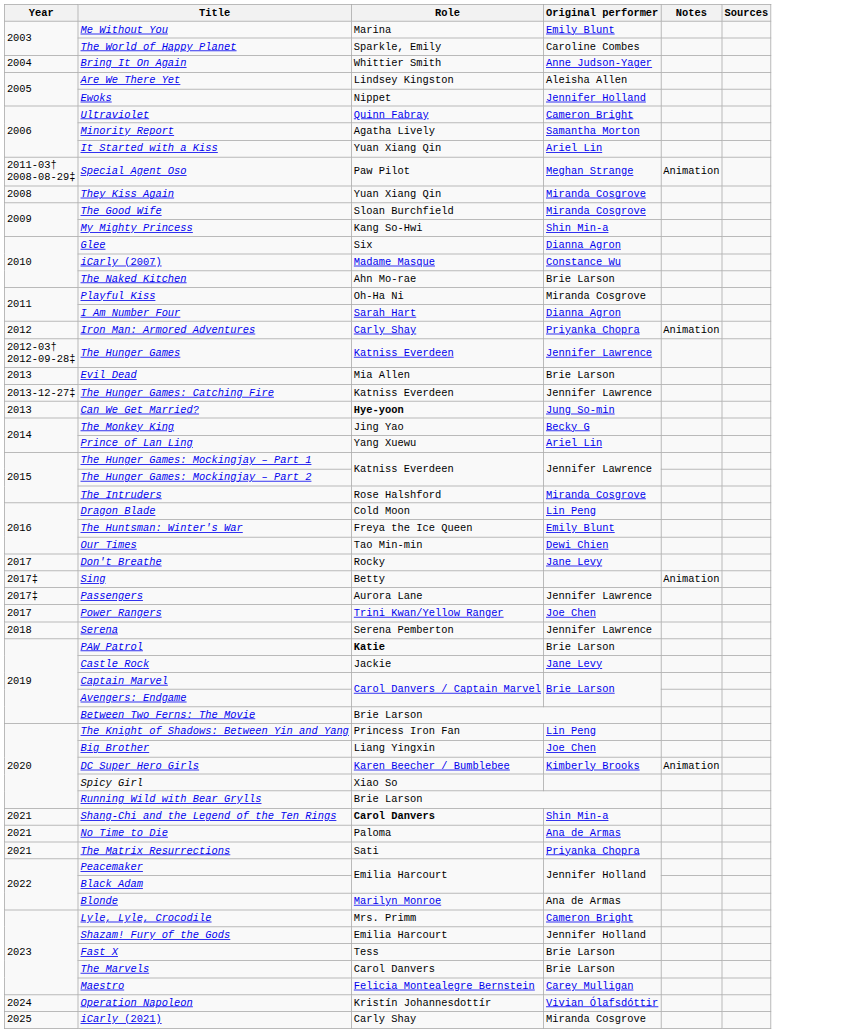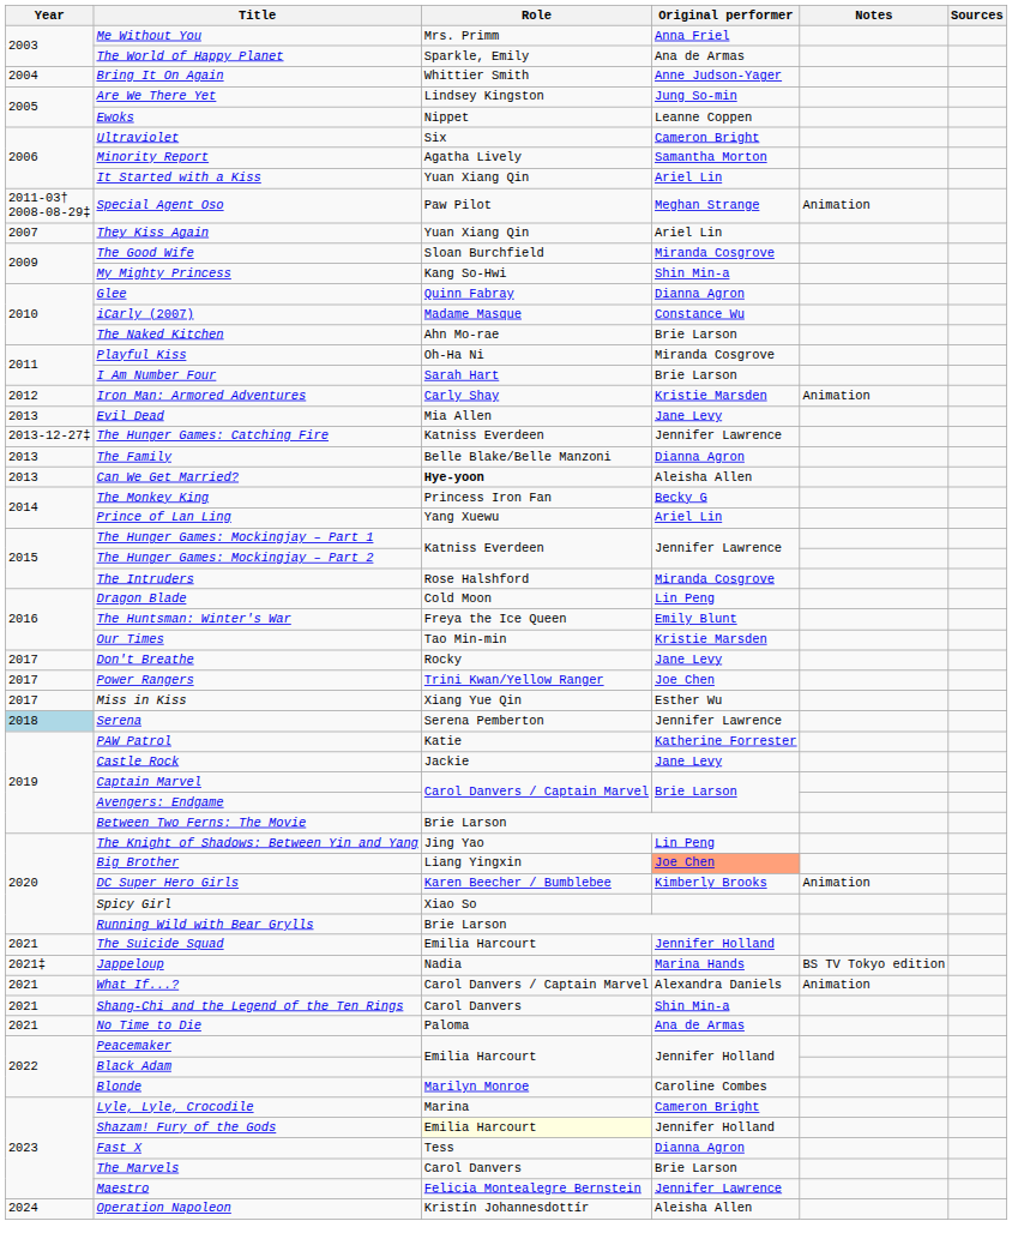 <table class="wikitable sortable">
 <tr>
 <th>Year</th>
 <th>Title</th>
 <th>Role</th>
 <th>Original performer</th>
 <th class="unsortable">Notes</th>
 <th class="unsortable">Sources</th>
 </tr>
 <tr>
 <td rowspan="2">2003</td>
 <td><em><a href='#'>Me Without You</a></em></td>
-<td>Marina</td>
-<td><a href='#'>Emily Blunt</a></td>
+<td>Mrs. Primm</td>
+<td><a href='#'>Anna Friel</a></td>
 <td></td>
 <td></td>
 </tr>
 <tr>
 <td><em><a href='#'>The World of Happy Planet</a></em></td>
 <td>Sparkle, Emily</td>
-<td>Caroline Combes</td>
+<td>Ana de Armas</td>
 <td></td>
 <td></td>
 </tr>
 <tr>
 <td>2004</td>
 <td><em><a href='#'>Bring It On Again</a></em></td>
 <td>Whittier Smith</td>
 <td><a href='#'>Anne Judson-Yager</a></td>
 <td></td>
 <td></td>
 </tr>
 <tr>
 <td rowspan="2">2005</td>
 <td><em><a href='#'>Are We There Yet</a></em></td>
 <td>Lindsey Kingston</td>
-<td>Aleisha Allen</td>
+<td><a href='#'>Jung So-min</a></td>
 <td></td>
 <td></td>
 </tr>
 <tr>
 <td><em><a href='#'>Ewoks</a></em></td>
 <td>Nippet</td>
-<td><a href='#'>Jennifer Holland</a></td>
+<td>Leanne Coppen</td>
 <td></td>
 <td></td>
 </tr>
 <tr>
 <td rowspan="3">2006</td>
 <td><em><a href='#'>Ultraviolet</a></em></td>
-<td><a href='#'>Quinn Fabray</a></td>
+<td>Six</td>
 <td><a href='#'>Cameron Bright</a></td>
 <td></td>
 <td></td>
 </tr>
 <tr>
 <td><em><a href='#'>Minority Report</a></em></td>
 <td>Agatha Lively</td>
 <td><a href='#'>Samantha Morton</a></td>
 <td></td>
 <td></td>
 </tr>
 <tr>
 <td><em><a href='#'>It Started with a Kiss</a></em></td>
 <td>Yuan Xiang Qin</td>
 <td><a href='#'>Ariel Lin</a></td>
 <td></td>
 <td></td>
 </tr>
 <tr>
 <td>2011<span>-03</span>†<span><br>2008-08-29</span>‡</td>
 <td><em><a href='#'>Special Agent Oso</a></em></td>
 <td>Paw Pilot</td>
 <td><a href='#'>Meghan Strange</a></td>
 <td>Animation</td>
 <td></td>
 </tr>
 <tr>
-<td>2008</td>
+<td>2007</td>
 <td><em><a href='#'>They Kiss Again</a></em></td>
 <td>Yuan Xiang Qin</td>
-<td><a href='#'>Miranda Cosgrove</a></td>
+<td>Ariel Lin</td>
 <td></td>
 <td></td>
 </tr>
 <tr>
 <td rowspan="2">2009</td>
 <td><em><a href='#'>The Good Wife</a></em></td>
 <td>Sloan Burchfield</td>
 <td><a href='#'>Miranda Cosgrove</a></td>
 <td></td>
 <td></td>
 </tr>
 <tr>
 <td><em><a href='#'>My Mighty Princess</a></em></td>
 <td>Kang So-Hwi</td>
 <td><a href='#'>Shin Min-a</a></td>
 <td></td>
 <td></td>
 </tr>
 <tr>
 <td rowspan="3">2010</td>
 <td><em><a href='#'>Glee</a></em></td>
-<td>Six</td>
+<td><a href='#'>Quinn Fabray</a></td>
 <td><a href='#'>Dianna Agron</a></td>
 <td></td>
 <td></td>
 </tr>
 <tr>
 <td><a href='#'><em>iCarly</em> (2007)</a></td>
 <td><a href='#'>Madame Masque</a></td>
 <td><a href='#'>Constance Wu</a></td>
 <td></td>
 <td></td>
 </tr>
 <tr>
 <td><em><a href='#'>The Naked Kitchen</a></em></td>
 <td>Ahn Mo-rae</td>
 <td>Brie Larson</td>
 <td></td>
 <td></td>
 </tr>
 <tr>
 <td rowspan="2">2011</td>
 <td><em><a href='#'>Playful Kiss</a></em></td>
 <td>Oh-Ha Ni</td>
 <td>Miranda Cosgrove</td>
 <td></td>
 <td></td>
 </tr>
 <tr>
 <td><em><a href='#'>I Am Number Four</a></em></td>
 <td><a href='#'>Sarah Hart</a></td>
-<td><a href='#'>Dianna Agron</a></td>
+<td>Brie Larson</td>
 <td></td>
 <td></td>
 </tr>
 <tr>
 <td>2012</td>
 <td><em><a href='#'>Iron Man: Armored Adventures</a></em></td>
 <td><a href='#'>Carly Shay</a></td>
-<td><a href='#'>Priyanka Chopra</a></td>
+<td><a href='#'>Kristie Marsden</a></td>
 <td>Animation</td>
-<td></td>
-</tr>
-<tr>
-<td>2012<span>-03</span>†<span><br>2012-09-28</span>‡</td>
-<td><em><a href='#'>The Hunger Games</a></em></td>
-<td><a href='#'>Katniss Everdeen</a></td>
-<td><a href='#'>Jennifer Lawrence</a></td>
-<td></td>
 <td></td>
 </tr>
 <tr>
 <td>2013</td>
 <td><em><a href='#'>Evil Dead</a></em></td>
 <td>Mia Allen</td>
-<td>Brie Larson</td>
+<td><a href='#'>Jane Levy</a></td>
 <td></td>
 <td></td>
 </tr>
 <tr>
 <td>2013<span>-12-27</span>‡</td>
 <td><em><a href='#'>The Hunger Games: Catching Fire</a></em></td>
 <td>Katniss Everdeen</td>
 <td>Jennifer Lawrence</td>
 <td></td>
 <td></td>
 </tr>
 <tr>
 <td>2013</td>
+<td><em><a href='#'>The Family</a></em></td>
+<td>Belle Blake/Belle Manzoni</td>
+<td><a href='#'>Dianna Agron</a></td>
+<td></td>
+<td></td>
+</tr>
+<tr>
+<td>2013</td>
 <td><em><a href='#'>Can We Get Married?</a></em></td>
 <td><strong>Hye-yoon</strong></td>
-<td><a href='#'>Jung So-min</a></td>
+<td>Aleisha Allen</td>
 <td></td>
 <td></td>
 </tr>
 <tr>
 <td rowspan="2">2014</td>
 <td><em><a href='#'>The Monkey King</a></em></td>
-<td>Jing Yao</td>
+<td>Princess Iron Fan</td>
 <td><a href='#'>Becky G</a></td>
 <td></td>
 <td></td>
 </tr>
 <tr>
 <td><em><a href='#'>Prince of Lan Ling</a></em></td>
 <td>Yang Xuewu</td>
 <td><a href='#'>Ariel Lin</a></td>
 <td></td>
 <td></td>
 </tr>
 <tr>
 <td rowspan="3">2015</td>
 <td><em><a href='#'>The Hunger Games: Mockingjay – Part 1</a></em></td>
 <td rowspan="2">Katniss Everdeen</td>
 <td rowspan="2">Jennifer Lawrence</td>
 <td></td>
 <td></td>
 </tr>
 <tr>
 <td><em><a href='#'>The Hunger Games: Mockingjay – Part 2</a></em></td>
 <td></td>
 <td></td>
 </tr>
 <tr>
 <td><em><a href='#'>The Intruders</a></em></td>
 <td>Rose Halshford</td>
 <td><a href='#'>Miranda Cosgrove</a></td>
 <td></td>
 <td></td>
 </tr>
 <tr>
 <td rowspan="3">2016</td>
 <td><em><a href='#'>Dragon Blade</a></em></td>
 <td>Cold Moon</td>
 <td><a href='#'>Lin Peng</a></td>
 <td></td>
 <td></td>
 </tr>
 <tr>
 <td><em><a href='#'>The Huntsman: Winter's War</a></em></td>
 <td>Freya the Ice Queen</td>
 <td><a href='#'>Emily Blunt</a></td>
 <td></td>
 <td></td>
 </tr>
 <tr>
 <td><em><a href='#'>Our Times</a></em></td>
 <td>Tao Min-min</td>
-<td><a href='#'>Dewi Chien</a></td>
+<td><a href='#'>Kristie Marsden</a></td>
 <td></td>
 <td></td>
 </tr>
 <tr>
 <td>2017</td>
 <td><em><a href='#'>Don't Breathe</a></em></td>
 <td>Rocky</td>
 <td><a href='#'>Jane Levy</a></td>
 <td></td>
 <td></td>
 </tr>
 <tr>
-<td>2017‡</td>
-<td><em><a href='#'>Sing</a></em></td>
-<td>Betty</td>
-<td></td>
-<td>Animation</td>
-<td></td>
-</tr>
-<tr>
-<td>2017‡</td>
-<td><em><a href='#'>Passengers</a></em></td>
-<td>Aurora Lane</td>
-<td>Jennifer Lawrence</td>
-<td></td>
-<td></td>
-</tr>
-<tr>
 <td>2017</td>
 <td><em><a href='#'>Power Rangers</a></em></td>
 <td><a href='#'>Trini Kwan/Yellow Ranger</a></td>
 <td><a href='#'>Joe Chen</a></td>
 <td></td>
 <td></td>
 </tr>
 <tr>
-<td>2018</td>
+<td>2017</td>
+<td><em>Miss in Kiss</em></td>
+<td>Xiang Yue Qin</td>
+<td>Esther Wu</td>
+<td></td>
+<td></td>
+</tr>
+<tr>
+<td style="background: lightblue;">2018</td>
 <td><em><a href='#'>Serena</a></em></td>
 <td>Serena Pemberton</td>
 <td>Jennifer Lawrence</td>
 <td></td>
 <td></td>
 </tr>
 <tr>
 <td rowspan="5">2019</td>
 <td><em><a href='#'>PAW Patrol</a></em></td>
-<td><strong>Katie</strong></td>
-<td>Brie Larson</td>
+<td>Katie</td>
+<td><a href='#'>Katherine Forrester</a></td>
 <td></td>
 <td></td>
 </tr>
 <tr>
 <td><em><a href='#'>Castle Rock</a></em></td>
 <td>Jackie</td>
 <td><a href='#'>Jane Levy</a></td>
 <td></td>
 <td></td>
 </tr>
 <tr>
 <td><em><a href='#'>Captain Marvel</a></em></td>
 <td rowspan="2"><a href='#'>Carol Danvers / Captain Marvel</a></td>
 <td rowspan="2"><a href='#'>Brie Larson</a></td>
 <td></td>
 <td></td>
 </tr>
 <tr>
 <td><em><a href='#'>Avengers: Endgame</a></em></td>
 <td></td>
 <td></td>
 </tr>
 <tr>
 <td><em><a href='#'>Between Two Ferns: The Movie</a></em></td>
 <td ! colspan=2>Brie Larson</td>
 <td></td>
 <td></td>
 </tr>
 <tr>
 <td rowspan="5">2020</td>
 <td><em><a href='#'>The Knight of Shadows: Between Yin and Yang</a></em></td>
-<td>Princess Iron Fan</td>
+<td>Jing Yao</td>
 <td><a href='#'>Lin Peng</a></td>
 <td></td>
 <td></td>
 </tr>
 <tr>
 <td><em><a href='#'>Big Brother</a></em></td>
 <td>Liang Yingxin</td>
-<td><a href='#'>Joe Chen</a></td>
+<td style="background: lightsalmon;"><a href='#'>Joe Chen</a></td>
 <td></td>
 <td></td>
 </tr>
 <tr>
 <td><em><a href='#'>DC Super Hero Girls</a></em></td>
 <td><a href='#'>Karen Beecher / Bumblebee</a></td>
 <td><a href='#'>Kimberly Brooks</a></td>
 <td>Animation</td>
 <td></td>
 </tr>
 <tr>
 <td><em>Spicy Girl</em></td>
 <td>Xiao So</td>
 <td></td>
 <td></td>
 <td></td>
 </tr>
 <tr>
 <td><em><a href='#'>Running Wild with Bear Grylls</a></em></td>
 <td ! colspan=2>Brie Larson</td>
 <td></td>
 <td></td>
 </tr>
 <tr>
 <td>2021</td>
+<td><em><a href='#'>The Suicide Squad</a></em></td>
+<td>Emilia Harcourt</td>
+<td><a href='#'>Jennifer Holland</a></td>
+<td></td>
+<td></td>
+</tr>
+<tr>
+<td>2021‡</td>
+<td><em><a href='#'>Jappeloup</a></em></td>
+<td>Nadia</td>
+<td><a href='#'>Marina Hands</a></td>
+<td>BS TV Tokyo edition</td>
+<td></td>
+</tr>
+<tr>
+<td>2021</td>
+<td><em><a href='#'>What If...?</a></em></td>
+<td>Carol Danvers / Captain Marvel</td>
+<td>Alexandra Daniels</td>
+<td>Animation</td>
+<td></td>
+</tr>
+<tr>
+<td>2021</td>
 <td><em><a href='#'>Shang-Chi and the Legend of the Ten Rings</a></em></td>
-<td><strong>Carol Danvers</strong></td>
+<td>Carol Danvers</td>
 <td><a href='#'>Shin Min-a</a></td>
 <td></td>
 <td></td>
 </tr>
 <tr>
 <td>2021</td>
 <td><em><a href='#'>No Time to Die</a></em></td>
 <td>Paloma</td>
 <td><a href='#'>Ana de Armas</a></td>
-<td></td>
-<td></td>
-</tr>
-<tr>
-<td>2021</td>
-<td><em><a href='#'>The Matrix Resurrections</a></em></td>
-<td>Sati</td>
-<td><a href='#'>Priyanka Chopra</a></td>
 <td></td>
 <td></td>
 </tr>
 <tr>
 <td rowspan="3">2022</td>
 <td><em><a href='#'>Peacemaker</a></em></td>
 <td rowspan="2">Emilia Harcourt</td>
 <td rowspan="2">Jennifer Holland</td>
 <td></td>
 <td></td>
 </tr>
 <tr>
 <td><em><a href='#'>Black Adam</a></em></td>
 <td></td>
 <td></td>
 </tr>
 <tr>
 <td><em><a href='#'>Blonde</a></em></td>
 <td><a href='#'>Marilyn Monroe</a></td>
-<td>Ana de Armas</td>
+<td>Caroline Combes</td>
 <td></td>
 <td></td>
 </tr>
 <tr>
 <td rowspan="5">2023</td>
 <td><em><a href='#'>Lyle, Lyle, Crocodile</a></em></td>
-<td>Mrs. Primm</td>
+<td>Marina</td>
 <td><a href='#'>Cameron Bright</a></td>
 <td></td>
 <td></td>
 </tr>
 <tr>
 <td><em><a href='#'>Shazam! Fury of the Gods</a></em></td>
-<td>Emilia Harcourt</td>
+<td style="background: lightyellow;">Emilia Harcourt</td>
 <td>Jennifer Holland</td>
 <td></td>
 <td></td>
 </tr>
 <tr>
 <td><em><a href='#'>Fast X</a></em></td>
 <td>Tess</td>
-<td>Brie Larson</td>
+<td><a href='#'>Dianna Agron</a></td>
 <td></td>
 <td></td>
 </tr>
 <tr>
 <td><em><a href='#'>The Marvels</a></em></td>
 <td>Carol Danvers</td>
 <td>Brie Larson</td>
 <td></td>
 <td></td>
 </tr>
 <tr>
 <td><em><a href='#'>Maestro</a></em></td>
 <td><a href='#'>Felicia Montealegre Bernstein</a></td>
-<td><a href='#'>Carey Mulligan</a></td>
+<td><a href='#'>Jennifer Lawrence</a></td>
 <td></td>
 <td></td>
 </tr>
 <tr>
 <td>2024</td>
 <td><em><a href='#'>Operation Napoleon</a></em></td>
 <td>Kristín Johannesdottír</td>
-<td><a href='#'>Vivian Ólafsdóttir</a></td>
-<td></td>
-<td></td>
-</tr>
-<tr>
-<td>2025</td>
-<td><a href='#'><em>iCarly</em> (2021)</a></td>
-<td>Carly Shay</td>
-<td>Miranda Cosgrove</td>
+<td>Aleisha Allen</td>
 <td></td>
 <td></td>
 </tr>
 </table>
